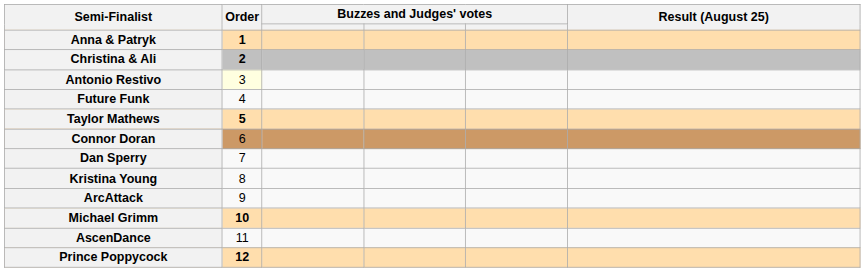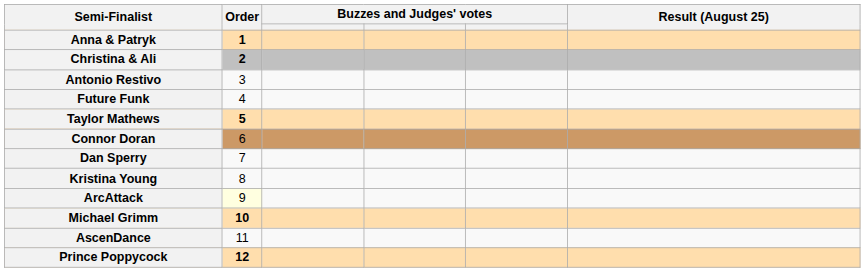 <table class="wikitable plainrowheaders sortable" style="text-align:center;">
 <tr>
 <th scope="col" rowspan="2" class="unsortable" style="width:17em;">Semi-Finalist</th>
 <th scope="col" rowspan="2" style="width:1em;">Order</th>
 <th scope="col" colspan="3" class="unsortable" style="width:24em;">Buzzes and Judges' votes</th>
 <th scope="col" rowspan="2" style="width:23em;">Result (August 25)</th>
 </tr>
 <tr>
 <th scope="col" class="unsortable" style="width:6em;"></th>
 <th scope="col" class="unsortable" style="width:6em;"></th>
 <th scope="col" class="unsortable" style="width:6em;"></th>
 </tr>
 <tr style="background:NavajoWhite;">
 <th scope="row"><strong>Anna & Patryk</strong></th>
 <td><strong>1</strong></td>
 <td style="text-align:center;"></td>
 <td style="text-align:center;"></td>
 <td style="text-align:center;"></td>
 <td><strong></strong></td>
 </tr>
 <tr style="background:silver;">
 <th scope="row"><strong>Christina & Ali</strong></th>
 <td><strong>2</strong></td>
 <td style="text-align:center;"></td>
 <td style="text-align:center;"></td>
 <td style="text-align:center;"></td>
 <td><strong></strong></td>
 </tr>
 <tr>
 <th scope="row">Antonio Restivo</th>
-<td style="background: lightyellow;">3</td>
+<td>3</td>
 <td style="text-align:center;"></td>
 <td style="text-align:center;"></td>
 <td style="text-align:center;"></td>
 <td></td>
 </tr>
 <tr>
 <th scope="row">Future Funk</th>
 <td>4</td>
 <td style="text-align:center;"></td>
 <td style="text-align:center;"></td>
 <td style="text-align:center;"></td>
 <td></td>
 </tr>
 <tr style="background:NavajoWhite;">
 <th scope="row"><strong>Taylor Mathews</strong></th>
 <td><strong>5</strong></td>
 <td style="text-align:center;"></td>
 <td style="text-align:center;"></td>
 <td style="text-align:center;"></td>
 <td><strong></strong></td>
 </tr>
 <tr style="background:#c96;">
 <th scope="row">Connor Doran</th>
 <td>6</td>
 <td style="text-align:center;"></td>
 <td style="text-align:center;"></td>
 <td style="text-align:center;"></td>
 <td></td>
 </tr>
 <tr>
 <th scope="row">Dan Sperry</th>
 <td>7</td>
 <td style="text-align:center;"></td>
 <td style="text-align:center;"></td>
 <td style="text-align:center;"></td>
 <td></td>
 </tr>
 <tr>
 <th scope="row">Kristina Young</th>
 <td>8</td>
 <td style="text-align:center;"></td>
 <td style="text-align:center;"></td>
 <td style="text-align:center;"></td>
 <td></td>
 </tr>
 <tr>
 <th scope="row">ArcAttack</th>
-<td>9</td>
+<td style="background: lightyellow;">9</td>
 <td style="text-align:center;"></td>
 <td style="text-align:center;"></td>
 <td style="text-align:center;"></td>
 <td></td>
 </tr>
 <tr style="background:NavajoWhite;">
 <th scope="row"><strong>Michael Grimm</strong></th>
 <td><strong>10</strong></td>
 <td style="text-align:center;"></td>
 <td style="text-align:center;"></td>
 <td style="text-align:center;"></td>
 <td><strong></strong></td>
 </tr>
 <tr>
 <th scope="row">AscenDance</th>
 <td>11</td>
 <td style="text-align:center;"></td>
 <td style="text-align:center;"></td>
 <td style="text-align:center;"></td>
 <td></td>
 </tr>
 <tr style="background:NavajoWhite;">
 <th scope="row"><strong>Prince Poppycock</strong></th>
 <td><strong>12</strong></td>
 <td style="text-align:center;"></td>
 <td style="text-align:center;"></td>
 <td style="text-align:center;"></td>
 <td><strong></strong></td>
 </tr>
 </table>
